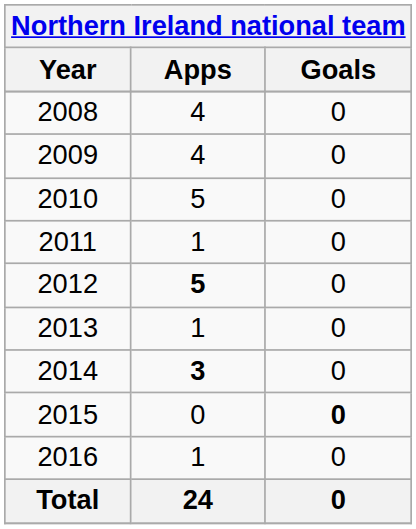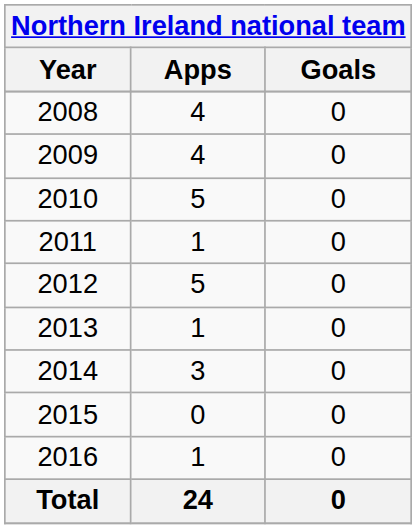 <table class="wikitable" style="text-align:center">
 <tr>
 <th colspan=3><a href='#'>Northern Ireland national team</a></th>
 </tr>
 <tr>
 <th>Year</th>
 <th>Apps</th>
 <th>Goals</th>
 </tr>
 <tr>
 </tr>
 <tr>
 <td>2008</td>
 <td>4</td>
 <td>0</td>
 </tr>
 <tr>
 <td>2009</td>
 <td>4</td>
 <td>0</td>
 </tr>
 <tr>
 <td>2010</td>
 <td>5</td>
 <td>0</td>
 </tr>
 <tr>
 <td>2011</td>
 <td>1</td>
 <td>0</td>
 </tr>
 <tr>
 <td>2012</td>
-<td><strong>5</strong></td>
+<td>5</td>
 <td>0</td>
 </tr>
 <tr>
 <td>2013</td>
 <td>1</td>
 <td>0</td>
 </tr>
 <tr>
 <td>2014</td>
-<td><strong>3</strong></td>
+<td>3</td>
 <td>0</td>
 </tr>
 <tr>
 <td>2015</td>
 <td>0</td>
-<td><strong>0</strong></td>
+<td>0</td>
 </tr>
 <tr>
 <td>2016</td>
 <td>1</td>
 <td>0</td>
 </tr>
 <tr>
 <th>Total</th>
 <th>24</th>
 <th>0</th>
 </tr>
 <tr>
 </tr>
 </table>
